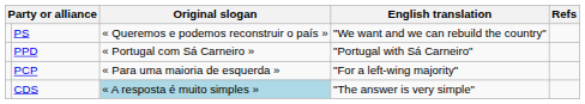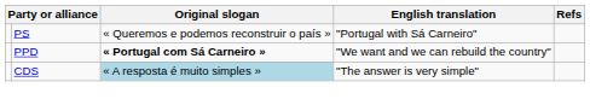 <table class="wikitable" style="font-size:97%; text-align:left;">
 <tr>
 <th style="text-align:left;" colspan="2">Party or alliance</th>
 <th>Original slogan</th>
 <th>English translation</th>
 <th>Refs</th>
 </tr>
 <tr>
 <td width="1"></td>
 <td><a href='#'>PS</a></td>
 <td>« Queremos e podemos reconstruir o país »</td>
-<td>"We want and we can rebuild the country"</td>
+<td>"Portugal with Sá Carneiro"</td>
 <td></td>
 </tr>
 <tr>
 <td></td>
 <td><a href='#'>PPD</a></td>
-<td>« Portugal com Sá Carneiro »</td>
-<td>"Portugal with Sá Carneiro"</td>
-<td></td>
-</tr>
-<tr>
-<td></td>
-<td><a href='#'>PCP</a></td>
-<td>« Para uma maioria de esquerda »</td>
-<td>"For a left-wing majority"</td>
+<td><strong>« Portugal com Sá Carneiro »</strong></td>
+<td>"We want and we can rebuild the country"</td>
 <td></td>
 </tr>
 <tr>
 <td></td>
 <td><a href='#'>CDS</a></td>
 <td style="background: lightblue;">« A resposta é muito simples »</td>
 <td>"The answer is very simple"</td>
 <td></td>
 </tr>
 </table>
